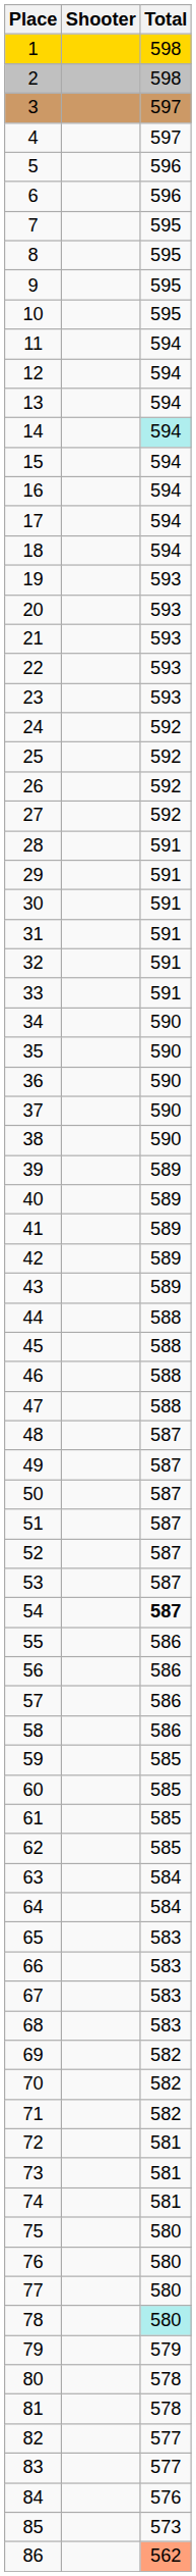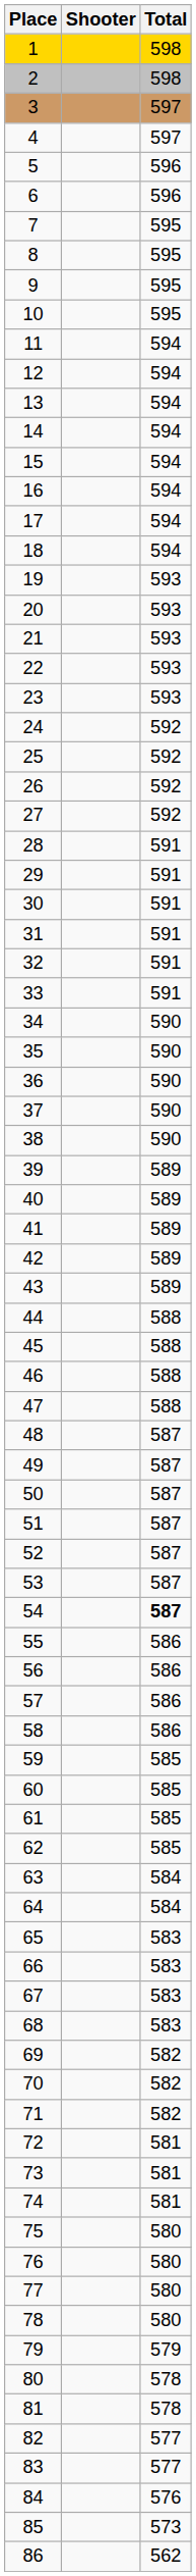 <table class=wikitable style="text-align:center">
 <tr>
 <th>Place</th>
 <th>Shooter</th>
 <th>Total</th>
 </tr>
 <tr align=center bgcolor=gold>
 <td>1</td>
 <td align=left></td>
 <td>598</td>
 </tr>
 <tr align=center bgcolor=silver>
 <td>2</td>
 <td align=left></td>
 <td>598</td>
 </tr>
 <tr align=center bgcolor=cc9966>
 <td>3</td>
 <td align=left></td>
 <td>597</td>
 </tr>
 <tr>
 <td>4</td>
 <td align=left></td>
 <td>597</td>
 </tr>
 <tr>
 <td>5</td>
 <td align=left></td>
 <td>596</td>
 </tr>
 <tr>
 <td>6</td>
 <td align=left></td>
 <td>596</td>
 </tr>
 <tr>
 <td>7</td>
 <td align=left></td>
 <td>595</td>
 </tr>
 <tr>
 <td>8</td>
 <td align=left></td>
 <td>595</td>
 </tr>
 <tr>
 <td>9</td>
 <td align=left></td>
 <td>595</td>
 </tr>
 <tr>
 <td>10</td>
 <td align=left></td>
 <td>595</td>
 </tr>
 <tr>
 <td>11</td>
 <td align=left></td>
 <td>594</td>
 </tr>
 <tr>
 <td>12</td>
 <td align=left></td>
 <td>594</td>
 </tr>
 <tr>
 <td>13</td>
 <td align=left></td>
 <td>594</td>
 </tr>
 <tr>
 <td>14</td>
 <td align=left></td>
-<td style="background: paleturquoise;">594</td>
+<td>594</td>
 </tr>
 <tr>
 <td>15</td>
 <td align=left></td>
 <td>594</td>
 </tr>
 <tr>
 <td>16</td>
 <td align=left></td>
 <td>594</td>
 </tr>
 <tr>
 <td>17</td>
 <td align=left></td>
 <td>594</td>
 </tr>
 <tr>
 <td>18</td>
 <td align=left></td>
 <td>594</td>
 </tr>
 <tr>
 <td>19</td>
 <td align=left></td>
 <td>593</td>
 </tr>
 <tr>
 <td>20</td>
 <td align=left></td>
 <td>593</td>
 </tr>
 <tr>
 <td>21</td>
 <td align=left></td>
 <td>593</td>
 </tr>
 <tr>
 <td>22</td>
 <td align=left></td>
 <td>593</td>
 </tr>
 <tr>
 <td>23</td>
 <td align=left></td>
 <td>593</td>
 </tr>
 <tr>
 <td>24</td>
 <td align=left></td>
 <td>592</td>
 </tr>
 <tr>
 <td>25</td>
 <td align=left></td>
 <td>592</td>
 </tr>
 <tr>
 <td>26</td>
 <td align=left></td>
 <td>592</td>
 </tr>
 <tr>
 <td>27</td>
 <td align=left></td>
 <td>592</td>
 </tr>
 <tr>
 <td>28</td>
 <td align=left></td>
 <td>591</td>
 </tr>
 <tr>
 <td>29</td>
 <td align=left></td>
 <td>591</td>
 </tr>
 <tr>
 <td>30</td>
 <td align=left></td>
 <td>591</td>
 </tr>
 <tr>
 <td>31</td>
 <td align=left></td>
 <td>591</td>
 </tr>
 <tr>
 <td>32</td>
 <td align=left></td>
 <td>591</td>
 </tr>
 <tr>
 <td>33</td>
 <td align=left></td>
 <td>591</td>
 </tr>
 <tr>
 <td>34</td>
 <td align=left></td>
 <td>590</td>
 </tr>
 <tr>
 <td>35</td>
 <td align=left></td>
 <td>590</td>
 </tr>
 <tr>
 <td>36</td>
 <td align=left></td>
 <td>590</td>
 </tr>
 <tr>
 <td>37</td>
 <td align=left></td>
 <td>590</td>
 </tr>
 <tr>
 <td>38</td>
 <td align=left></td>
 <td>590</td>
 </tr>
 <tr>
 <td>39</td>
 <td align=left></td>
 <td>589</td>
 </tr>
 <tr>
 <td>40</td>
 <td align=left></td>
 <td>589</td>
 </tr>
 <tr>
 <td>41</td>
 <td align=left></td>
 <td>589</td>
 </tr>
 <tr>
 <td>42</td>
 <td align=left></td>
 <td>589</td>
 </tr>
 <tr>
 <td>43</td>
 <td align=left></td>
 <td>589</td>
 </tr>
 <tr>
 <td>44</td>
 <td align=left></td>
 <td>588</td>
 </tr>
 <tr>
 <td>45</td>
 <td align=left></td>
 <td>588</td>
 </tr>
 <tr>
 <td>46</td>
 <td align=left></td>
 <td>588</td>
 </tr>
 <tr>
 <td>47</td>
 <td align=left></td>
 <td>588</td>
 </tr>
 <tr>
 <td>48</td>
 <td align=left></td>
 <td>587</td>
 </tr>
 <tr>
 <td>49</td>
 <td align=left></td>
 <td>587</td>
 </tr>
 <tr>
 <td>50</td>
 <td align=left></td>
 <td>587</td>
 </tr>
 <tr>
 <td>51</td>
 <td align=left></td>
 <td>587</td>
 </tr>
 <tr>
 <td>52</td>
 <td align=left></td>
 <td>587</td>
 </tr>
 <tr>
 <td>53</td>
 <td align=left></td>
 <td>587</td>
 </tr>
 <tr>
 <td>54</td>
 <td align=left></td>
 <td><strong>587</strong></td>
 </tr>
 <tr>
 <td>55</td>
 <td align=left></td>
 <td>586</td>
 </tr>
 <tr>
 <td>56</td>
 <td align=left></td>
 <td>586</td>
 </tr>
 <tr>
 <td>57</td>
 <td align=left></td>
 <td>586</td>
 </tr>
 <tr>
 <td>58</td>
 <td align=left></td>
 <td>586</td>
 </tr>
 <tr>
 <td>59</td>
 <td align=left></td>
 <td>585</td>
 </tr>
 <tr>
 <td>60</td>
 <td align=left></td>
 <td>585</td>
 </tr>
 <tr>
 <td>61</td>
 <td align=left></td>
 <td>585</td>
 </tr>
 <tr>
 <td>62</td>
 <td align=left></td>
 <td>585</td>
 </tr>
 <tr>
 <td>63</td>
 <td align=left></td>
 <td>584</td>
 </tr>
 <tr>
 <td>64</td>
 <td align=left></td>
 <td>584</td>
 </tr>
 <tr>
 <td>65</td>
 <td align=left></td>
 <td>583</td>
 </tr>
 <tr>
 <td>66</td>
 <td align=left></td>
 <td>583</td>
 </tr>
 <tr>
 <td>67</td>
 <td align=left></td>
 <td>583</td>
 </tr>
 <tr>
 <td>68</td>
 <td align=left></td>
 <td>583</td>
 </tr>
 <tr>
 <td>69</td>
 <td align=left></td>
 <td>582</td>
 </tr>
 <tr>
 <td>70</td>
 <td align=left></td>
 <td>582</td>
 </tr>
 <tr>
 <td>71</td>
 <td align=left></td>
 <td>582</td>
 </tr>
 <tr>
 <td>72</td>
 <td align=left></td>
 <td>581</td>
 </tr>
 <tr>
 <td>73</td>
 <td align=left></td>
 <td>581</td>
 </tr>
 <tr>
 <td>74</td>
 <td align=left></td>
 <td>581</td>
 </tr>
 <tr>
 <td>75</td>
 <td align=left></td>
 <td>580</td>
 </tr>
 <tr>
 <td>76</td>
 <td align=left></td>
 <td>580</td>
 </tr>
 <tr>
 <td>77</td>
 <td align=left></td>
 <td>580</td>
 </tr>
 <tr>
 <td>78</td>
 <td align=left></td>
-<td style="background: paleturquoise;">580</td>
+<td>580</td>
 </tr>
 <tr>
 <td>79</td>
 <td align=left></td>
 <td>579</td>
 </tr>
 <tr>
 <td>80</td>
 <td align=left></td>
 <td>578</td>
 </tr>
 <tr>
 <td>81</td>
 <td align=left></td>
 <td>578</td>
 </tr>
 <tr>
 <td>82</td>
 <td align=left></td>
 <td>577</td>
 </tr>
 <tr>
 <td>83</td>
 <td align=left></td>
 <td>577</td>
 </tr>
 <tr>
 <td>84</td>
 <td align=left></td>
 <td>576</td>
 </tr>
 <tr>
 <td>85</td>
 <td align=left></td>
 <td>573</td>
 </tr>
 <tr>
 <td>86</td>
 <td align=left></td>
-<td style="background: lightsalmon;">562</td>
+<td>562</td>
 </tr>
 </table>
